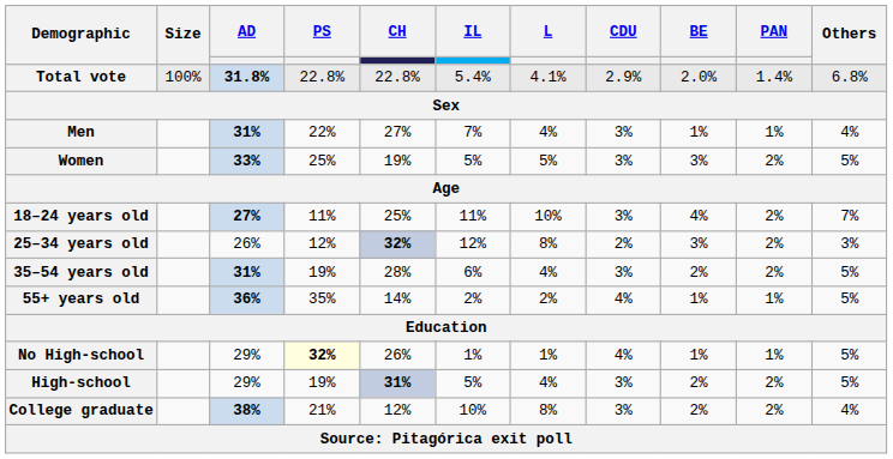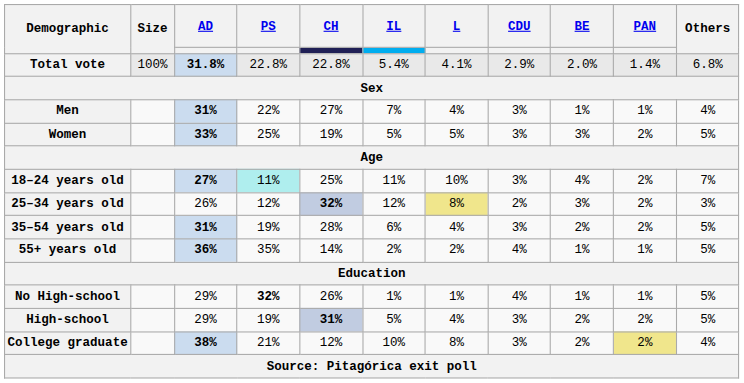 <table class="wikitable" style="text-align:center;font-size:90%;line-height:16px;">
 <tr style="height:40px;">
 <th rowspan="2" colspan="2">Demographic</th>
 <th rowspan="2" style="width:35px;">Size</th>
 <th style="width:53px;"><a href='#'>AD</a></th>
 <th style="width:53px;"><a href='#'>PS</a></th>
 <th style="width:53px;"><a href='#'>CH</a></th>
 <th style="width:53px;"><a href='#'>IL</a></th>
 <th style="width:53px;"><a href='#'>L</a></th>
 <th style="width:53px;"><a href='#'>CDU</a></th>
 <th style="width:53px;"><a href='#'>BE</a></th>
 <th style="width:53px;"><a href='#'>PAN</a></th>
 <th rowspan="2" style="width:53px;">Others</th>
 </tr>
 <tr>
 <th style="color:inherit;background:"></th>
 <th style="color:inherit;background:"></th>
 <th style="color:inherit;background:#202056;"></th>
 <th style="color:inherit;background:#00ADEF;"></th>
 <th class="sortable" style="background:"></th>
 <th style="color:inherit;background:"></th>
 <th style="color:inherit;background:"></th>
 <th class="sortable" style="background:"></th>
 </tr>
 <tr style="background:#E9E9E9;">
 <th colspan="2">Total vote</th>
 <td>100%</td>
 <td style="background:#CBDCEF"><strong>31.8%</strong></td>
 <td>22.8%</td>
 <td>22.8%</td>
 <td>5.4%</td>
 <td>4.1%</td>
 <td>2.9%</td>
 <td>2.0%</td>
 <td>1.4%</td>
 <td>6.8%</td>
 </tr>
 <tr>
 <th colspan="15">Sex</th>
 </tr>
 <tr>
 <th colspan="2">Men</th>
 <td></td>
 <td style="background:#CBDCEF"><strong>31%</strong></td>
 <td>22%</td>
 <td>27%</td>
 <td>7%</td>
 <td>4%</td>
 <td>3%</td>
 <td>1%</td>
 <td>1%</td>
 <td>4%</td>
 </tr>
 <tr>
 <th colspan="2">Women</th>
 <td></td>
 <td style="background:#CBDCEF"><strong>33%</strong></td>
 <td>25%</td>
 <td>19%</td>
 <td>5%</td>
 <td>5%</td>
 <td>3%</td>
 <td>3%</td>
 <td>2%</td>
 <td>5%</td>
 </tr>
 <tr>
 <th colspan="15">Age</th>
 </tr>
 <tr>
 <th colspan="2">18–24 years old</th>
 <td></td>
 <td style="background:#CBDCEF"><strong>27%</strong></td>
-<td>11%</td>
+<td style="background: paleturquoise;">11%</td>
 <td>25%</td>
 <td>11%</td>
 <td>10%</td>
 <td>3%</td>
 <td>4%</td>
 <td>2%</td>
 <td>7%</td>
 </tr>
 <tr>
 <th colspan="2">25–34 years old</th>
 <td></td>
 <td>26%</td>
 <td>12%</td>
 <td style="background:#C1CCE1"><strong>32%</strong></td>
 <td>12%</td>
-<td>8%</td>
+<td style="background: khaki;">8%</td>
 <td>2%</td>
 <td>3%</td>
 <td>2%</td>
 <td>3%</td>
 </tr>
 <tr>
 <th colspan="2">35–54 years old</th>
 <td></td>
 <td style="background:#CBDCEF"><strong>31%</strong></td>
 <td>19%</td>
 <td>28%</td>
 <td>6%</td>
 <td>4%</td>
 <td>3%</td>
 <td>2%</td>
 <td>2%</td>
 <td>5%</td>
 </tr>
 <tr>
 <th colspan="2">55+ years old</th>
 <td></td>
 <td style="background:#CBDCEF"><strong>36%</strong></td>
 <td>35%</td>
 <td>14%</td>
 <td>2%</td>
 <td>2%</td>
 <td>4%</td>
 <td>1%</td>
 <td>1%</td>
 <td>5%</td>
 </tr>
 <tr>
 <th colspan="15">Education</th>
 </tr>
 <tr>
 <th colspan="2">No High-school</th>
 <td></td>
 <td>29%</td>
-<td style="background: lightyellow;"><strong>32%</strong></td>
+<td><strong>32%</strong></td>
 <td>26%</td>
 <td>1%</td>
 <td>1%</td>
 <td>4%</td>
 <td>1%</td>
 <td>1%</td>
 <td>5%</td>
 </tr>
 <tr>
 <th colspan="2">High-school</th>
 <td></td>
 <td>29%</td>
 <td>19%</td>
 <td style="background:#C1CCE1"><strong>31%</strong></td>
 <td>5%</td>
 <td>4%</td>
 <td>3%</td>
 <td>2%</td>
 <td>2%</td>
 <td>5%</td>
 </tr>
 <tr>
 <th colspan="2">College graduate</th>
 <td></td>
 <td style="background:#CBDCEF"><strong>38%</strong></td>
 <td>21%</td>
 <td>12%</td>
 <td>10%</td>
 <td>8%</td>
 <td>3%</td>
 <td>2%</td>
-<td>2%</td>
+<td style="background: khaki;">2%</td>
 <td>4%</td>
 </tr>
 <tr>
 <th colspan="13">Source: Pitagórica exit poll</th>
 </tr>
 </table>
